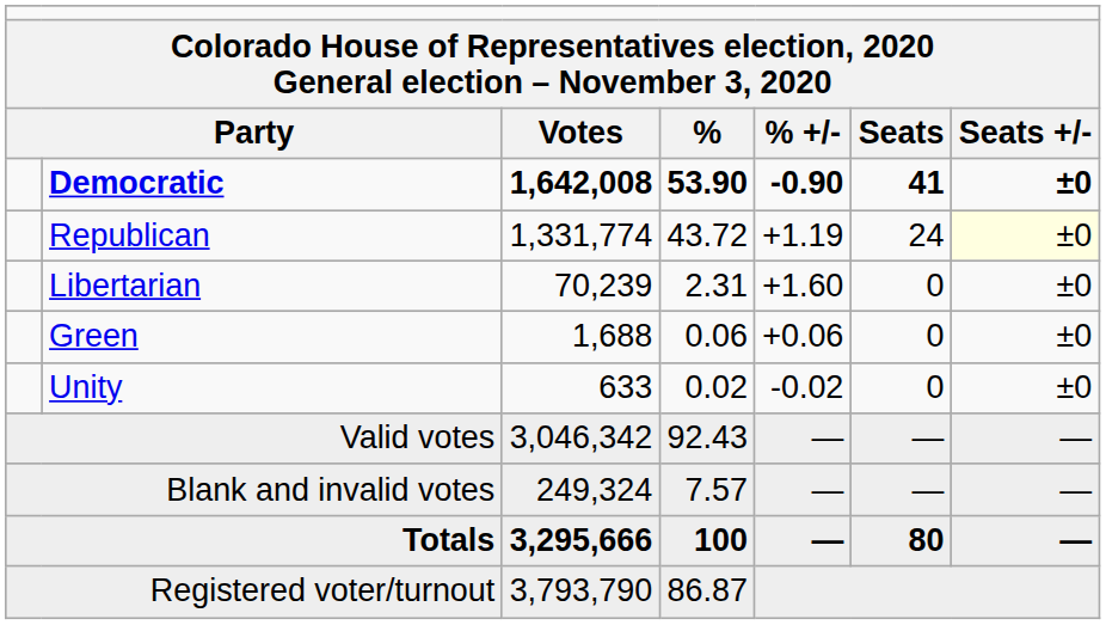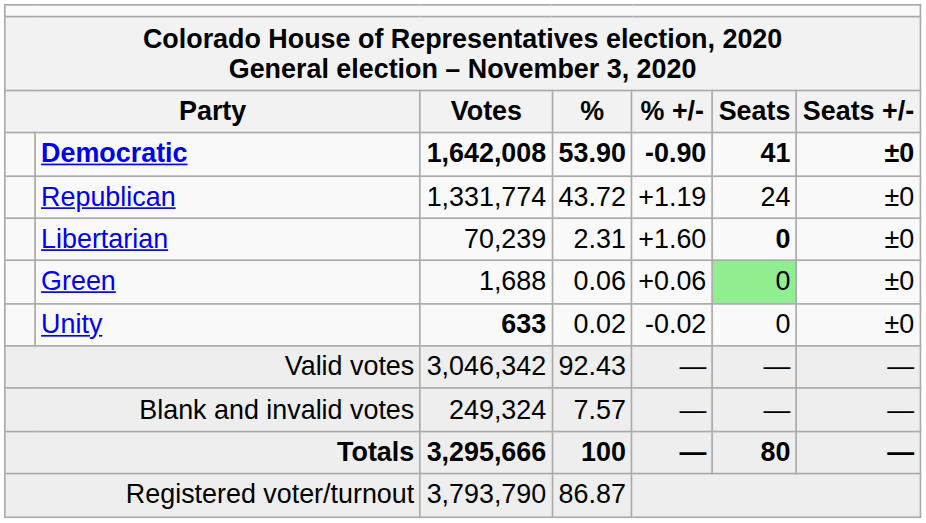 <table class="wikitable">
 <tr>
 <td colspan=10 align=center></td>
 </tr>
 <tr>
 <th colspan="7">Colorado House of Representatives election, 2020<br>General election – November 3, 2020</th>
 </tr>
 <tr>
 <th colspan="2" style="width: 15em;">Party</th>
 <th>Votes</th>
 <th>%</th>
 <th>% +/-</th>
 <th>Seats</th>
 <th>Seats +/-</th>
 </tr>
 <tr>
 <td style="background: "></td>
 <td><strong><a href='#'>Democratic</a></strong></td>
 <td style="text-align: right;"><strong>1,642,008</strong></td>
 <td style="text-align: right;"><strong>53.90</strong></td>
 <td style="text-align: right;"><strong>-0.90</strong></td>
 <td style="text-align: right;"><strong>41</strong></td>
 <td style="text-align: right;"><strong>±0</strong></td>
 </tr>
 <tr>
 <td style="background: "></td>
 <td><a href='#'>Republican</a></td>
 <td style="text-align: right;">1,331,774</td>
 <td style="text-align: right;">43.72</td>
 <td style="text-align: right;">+1.19</td>
 <td style="text-align: right;">24</td>
-<td style="background: lightyellow; text-align: right;">±0</td>
+<td style="text-align: right;">±0</td>
 </tr>
 <tr>
 <td style="background: "></td>
 <td><a href='#'>Libertarian</a></td>
 <td style="text-align: right;">70,239</td>
 <td style="text-align: right;">2.31</td>
 <td style="text-align: right;">+1.60</td>
-<td style="text-align: right;">0</td>
+<td style="text-align: right;"><strong>0</strong></td>
 <td style="text-align: right;">±0</td>
 </tr>
 <tr>
 <td style="background: "></td>
 <td><a href='#'>Green</a></td>
 <td style="text-align: right;">1,688</td>
 <td style="text-align: right;">0.06</td>
 <td style="text-align: right;">+0.06</td>
-<td style="text-align: right;">0</td>
+<td style="background: lightgreen; text-align: right;">0</td>
 <td style="text-align: right;">±0</td>
 </tr>
 <tr>
 <td style="background: "></td>
 <td><a href='#'>Unity</a></td>
-<td style="text-align: right;">633</td>
+<td style="text-align: right;"><strong>633</strong></td>
 <td style="text-align: right;">0.02</td>
 <td style="text-align: right;">-0.02</td>
 <td style="text-align: right;">0</td>
 <td style="text-align: right;">±0</td>
 </tr>
 <tr bgcolor="#EEEEEE">
 <td colspan="2" align="right">Valid votes</td>
 <td align="right">3,046,342</td>
 <td align="right">92.43</td>
 <td align="right">—</td>
 <td align="right">—</td>
 <td align="right">—</td>
 </tr>
 <tr bgcolor="#EEEEEE">
 <td colspan="2" align="right">Blank and invalid votes</td>
 <td align="right">249,324</td>
 <td align="right">7.57</td>
 <td align="right">—</td>
 <td align="right">—</td>
 <td align="right">—</td>
 </tr>
 <tr bgcolor="#EEEEEE">
 <td colspan="2" align="right"><strong>Totals</strong></td>
 <td align="right"><strong>3,295,666</strong></td>
 <td align="right"><strong>100</strong></td>
 <td align="right"><strong>—</strong></td>
 <td align="right"><strong>80</strong></td>
 <td align="right"><strong>—</strong></td>
 </tr>
 <tr bgcolor="#EEEEEE">
 <td colspan="2" align="right">Registered voter/turnout</td>
 <td align="right">3,793,790</td>
 <td align="right">86.87</td>
 <td colspan="3" align="right"></td>
 </tr>
 </table>
